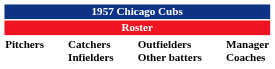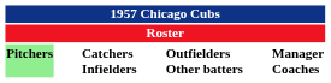 <table class="toccolours" style="font-size: 95%;">
 <tr>
 <th colspan="10" style="background-color: #0e3386; color: white; text-align: center;">1957 Chicago Cubs</th>
 </tr>
 <tr>
 <td colspan="10" style="background-color: #EE1422; color: white; text-align: center;"><strong>Roster</strong></td>
 </tr>
 <tr>
-<td valign="top"><strong>Pitchers</strong><br>                </td>
+<td valign="top" style="background: lightgreen;"><strong>Pitchers</strong><br>                </td>
 <td width="25px"></td>
 <td valign="top"><strong>Catchers</strong><br>    <strong>Infielders</strong>            </td>
 <td width="25px"></td>
 <td valign="top"><strong>Outfielders</strong><br>          <strong>Other batters</strong> </td>
 <td width="25px"></td>
 <td valign="top"><strong>Manager</strong><br> <strong>Coaches</strong>   </td>
 </tr>
 <tr>
 </tr>
 </table>
